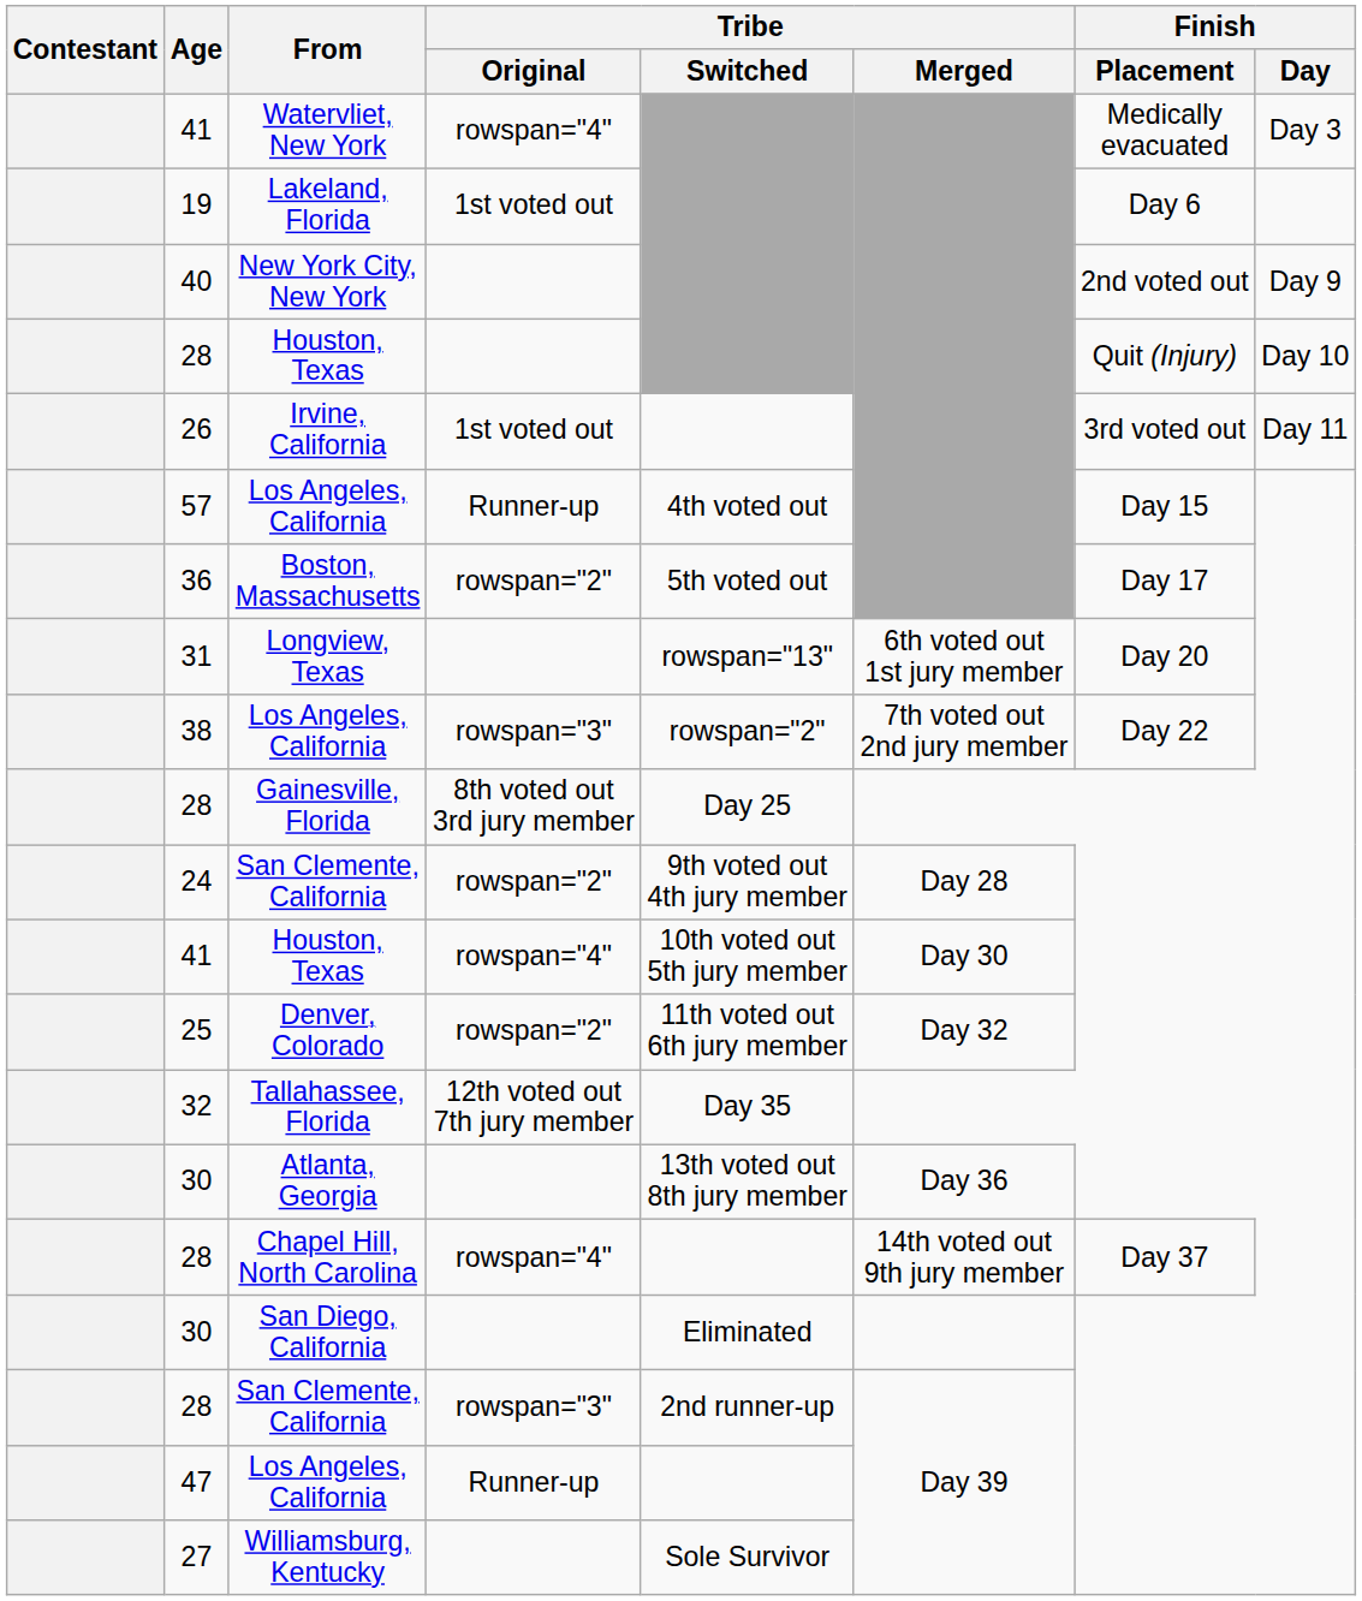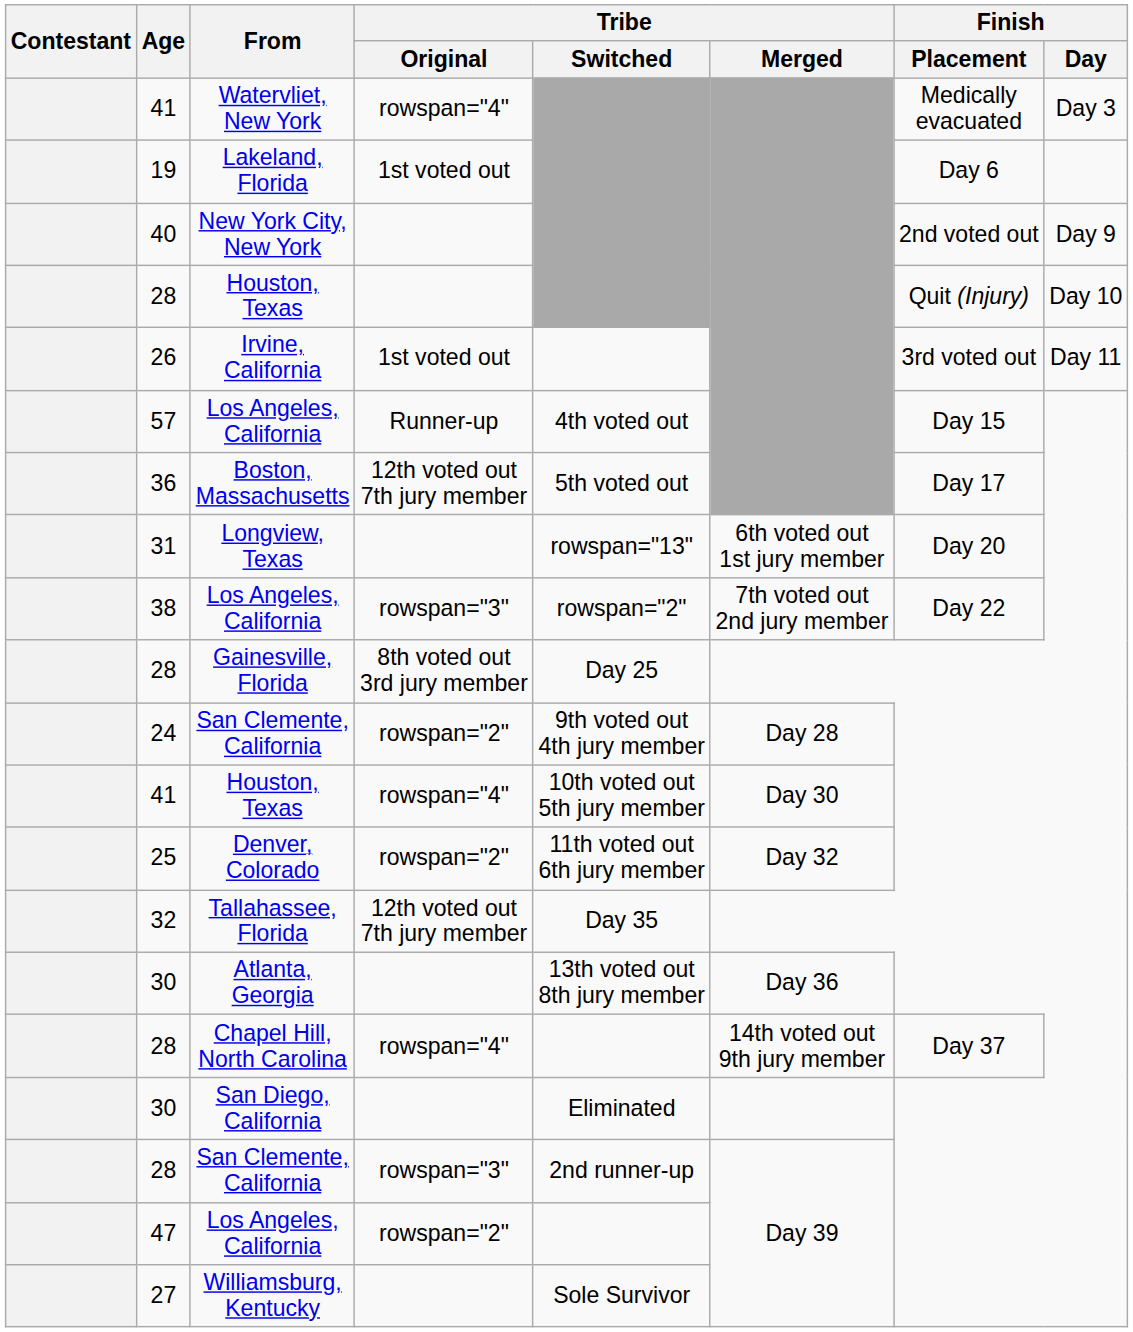 <table class="wikitable sortable" style="margin:auto; text-align:center">
 <tr>
 <th rowspan="2" scope="col">Contestant</th>
 <th rowspan="2" scope="col">Age</th>
 <th rowspan="2" scope="col" class=unsortable>From</th>
 <th colspan="3" scope="colgroup">Tribe</th>
 <th colspan="2" scope="colgroup">Finish</th>
 </tr>
 <tr>
 <th scope="col">Original</th>
 <th scope="col">Switched</th>
 <th scope="col" class=unsortable>Merged</th>
 <th scope="col" class=unsortable>Placement</th>
 <th scope="col" class=unsortable>Day</th>
 </tr>
 <tr>
 <th scope="row" style="text-align:left"></th>
 <td>41</td>
 <td><a href='#'>Watervliet,<br>New York</a></td>
 <td>rowspan="4" </td>
 <td rowspan="4" bgcolor="darkgray"></td>
 <td rowspan="7" bgcolor="darkgray"></td>
 <td>Medically<br>evacuated</td>
 <td>Day 3</td>
 </tr>
 <tr>
 <th scope="row" style="text-align:left"></th>
 <td>19</td>
 <td><a href='#'>Lakeland,<br>Florida</a></td>
 <td>1st voted out</td>
 <td>Day 6</td>
 </tr>
 <tr>
 <th scope="row" style="text-align:left"></th>
 <td>40</td>
 <td><a href='#'>New York City,<br>New York</a></td>
 <td></td>
 <td>2nd voted out</td>
 <td>Day 9</td>
 </tr>
 <tr>
 <th scope="row" style="text-align:left"></th>
 <td>28</td>
 <td><a href='#'>Houston,<br>Texas</a></td>
 <td></td>
 <td>Quit <em>(Injury)</em></td>
 <td>Day 10</td>
 </tr>
 <tr>
 <th scope="row" style="text-align:left"></th>
 <td>26</td>
 <td><a href='#'>Irvine,<br>California</a></td>
 <td>1st voted out</td>
 <td></td>
 <td>3rd voted out</td>
 <td>Day 11</td>
 </tr>
 <tr>
 <th scope="row" style="text-align:left"></th>
 <td>57</td>
 <td><a href='#'>Los Angeles,<br>California</a></td>
 <td>Runner-up</td>
 <td>4th voted out</td>
 <td>Day 15</td>
 </tr>
 <tr>
 <th scope="row" style="text-align:left"></th>
 <td>36</td>
 <td><a href='#'>Boston,<br>Massachusetts</a></td>
-<td>rowspan="2" </td>
+<td>12th voted out<br>7th jury member</td>
 <td>5th voted out</td>
 <td>Day 17</td>
 </tr>
 <tr>
 <th scope="row" style="text-align:left"></th>
 <td>31</td>
 <td><a href='#'>Longview,<br>Texas</a></td>
 <td></td>
 <td>rowspan="13" </td>
 <td>6th voted out<br>1st jury member</td>
 <td>Day 20</td>
 </tr>
 <tr>
 <th scope="row" style="text-align:left"></th>
 <td>38</td>
 <td><a href='#'>Los Angeles,<br>California</a></td>
 <td>rowspan="3" </td>
 <td>rowspan="2" </td>
 <td>7th voted out<br>2nd jury member</td>
 <td>Day 22</td>
 </tr>
 <tr>
 <th scope="row" style="text-align:left"></th>
 <td>28</td>
 <td><a href='#'>Gainesville,<br>Florida</a></td>
 <td>8th voted out<br>3rd jury member</td>
 <td>Day 25</td>
 </tr>
 <tr>
 <th scope="row" style="text-align:left"></th>
 <td>24</td>
 <td><a href='#'>San Clemente,<br>California</a></td>
 <td>rowspan="2" </td>
 <td>9th voted out<br>4th jury member</td>
 <td>Day 28</td>
 </tr>
 <tr>
 <th scope="row" style="text-align:left"></th>
 <td>41</td>
 <td><a href='#'>Houston,<br>Texas</a></td>
 <td>rowspan="4" </td>
 <td>10th voted out<br>5th jury member</td>
 <td>Day 30</td>
 </tr>
 <tr>
 <th scope="row" style="text-align:left"></th>
 <td>25</td>
 <td><a href='#'>Denver,<br>Colorado</a></td>
 <td>rowspan="2" </td>
 <td>11th voted out<br>6th jury member</td>
 <td>Day 32</td>
 </tr>
 <tr>
 <th scope="row" style="text-align:left"></th>
 <td>32</td>
 <td><a href='#'>Tallahassee,<br>Florida</a></td>
 <td>12th voted out<br>7th jury member</td>
 <td>Day 35</td>
 </tr>
 <tr>
 <th scope="row" style="text-align:left"></th>
 <td>30</td>
 <td><a href='#'>Atlanta,<br>Georgia</a></td>
 <td></td>
 <td>13th voted out<br>8th jury member</td>
 <td>Day 36</td>
 </tr>
 <tr>
 <th scope="row" style="text-align:left"></th>
 <td>28</td>
 <td><a href='#'>Chapel Hill,<br>North Carolina</a></td>
 <td>rowspan="4" </td>
 <td></td>
 <td>14th voted out<br>9th jury member</td>
 <td>Day 37</td>
 </tr>
 <tr>
 <th scope="row" style="text-align:left"></th>
 <td>30</td>
 <td><a href='#'>San Diego,<br>California</a></td>
 <td></td>
 <td>Eliminated<br></td>
 <td></td>
 </tr>
 <tr>
 <th scope="row" style="text-align:left"></th>
 <td>28</td>
 <td><a href='#'>San Clemente,<br>California</a></td>
 <td>rowspan="3" </td>
 <td>2nd runner-up</td>
 <td rowspan="3">Day 39</td>
 </tr>
 <tr>
 <th scope="row" style="text-align:left"></th>
 <td>47</td>
 <td><a href='#'>Los Angeles,<br>California</a></td>
-<td>Runner-up</td>
+<td>rowspan="2" </td>
 </tr>
 <tr>
 <th scope="row" style="text-align:left"></th>
 <td>27</td>
 <td><a href='#'>Williamsburg,<br>Kentucky</a></td>
 <td></td>
 <td>Sole Survivor</td>
 </tr>
 </table>
